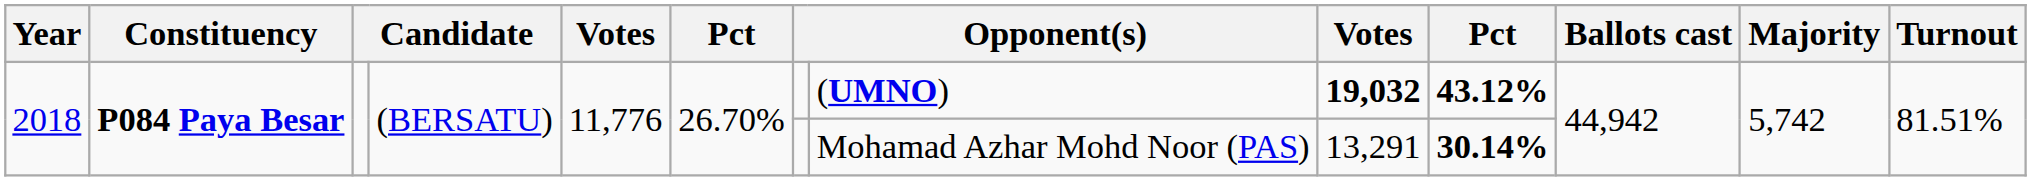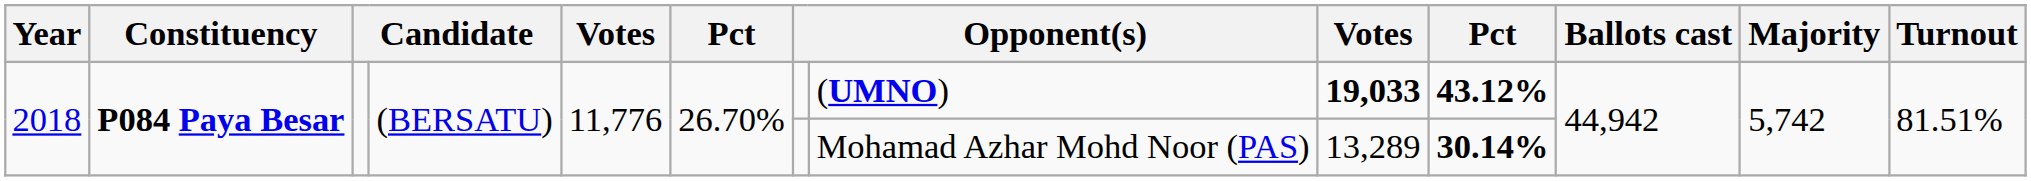 <table class="wikitable" style="margin:0.5em ; font-size:95%">
 <tr>
 <th>Year</th>
 <th>Constituency</th>
 <th colspan=2>Candidate</th>
 <th>Votes</th>
 <th>Pct</th>
 <th colspan=2>Opponent(s)</th>
 <th>Votes</th>
 <th>Pct</th>
 <th>Ballots cast</th>
 <th>Majority</th>
 <th>Turnout</th>
 </tr>
 <tr>
 <td rowspan=2><a href='#'>2018</a></td>
 <td rowspan=2><strong>P084 <a href='#'>Paya Besar</a></strong></td>
 <td rowspan=2 ></td>
 <td rowspan=2> (<a href='#'>BERSATU</a>)</td>
 <td rowspan=2 align="right">11,776</td>
 <td rowspan=2>26.70%</td>
 <td></td>
 <td> (<a href='#'><strong>UMNO</strong></a>)</td>
-<td align="right"><strong>19,032</strong></td>
+<td align="right"><strong>19,033</strong></td>
 <td><strong>43.12%</strong></td>
 <td rowspan=2>44,942</td>
 <td rowspan=2>5,742</td>
 <td rowspan=2>81.51%</td>
 </tr>
 <tr>
 <td></td>
 <td>Mohamad Azhar Mohd Noor (<a href='#'>PAS</a>)</td>
-<td align="right">13,291</td>
+<td align="right">13,289</td>
 <td><strong>30.14%</strong></td>
 </tr>
 </table>
